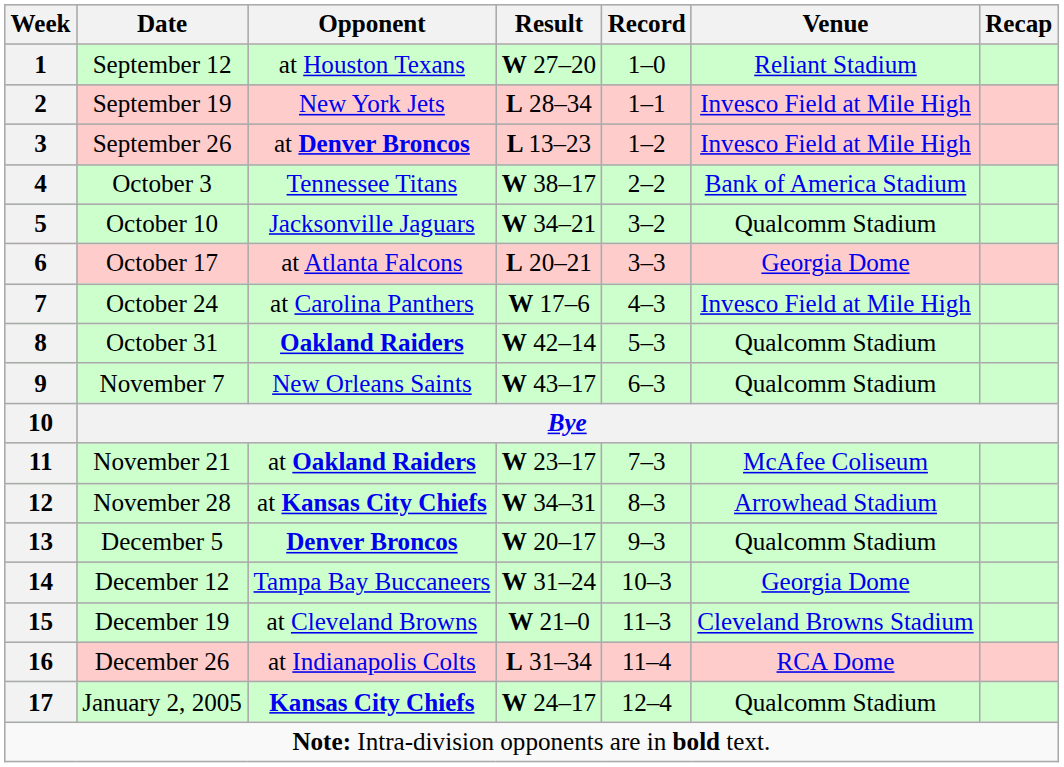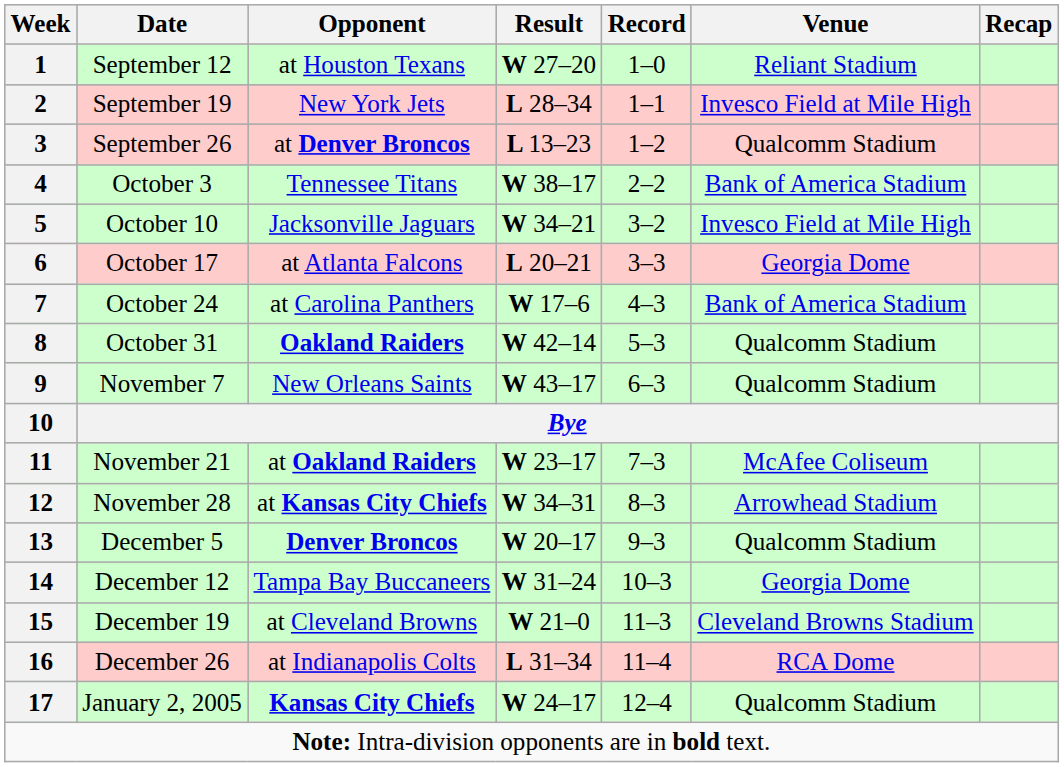 <table class="wikitable" style="text-align:center;">
 <tr>
 <th>Week</th>
 <th>Date</th>
 <th>Opponent</th>
 <th>Result</th>
 <th>Record</th>
 <th>Venue</th>
 <th>Recap</th>
 </tr>
 <tr style="background: #cfc;">
 <th>1</th>
 <td>September 12</td>
 <td>at <a href='#'>Houston Texans</a></td>
 <td><strong>W</strong> 27–20</td>
 <td>1–0</td>
 <td><a href='#'>Reliant Stadium</a></td>
 <td></td>
 </tr>
 <tr style="background: #fcc;">
 <th>2</th>
 <td>September 19</td>
 <td><a href='#'>New York Jets</a></td>
 <td><strong>L</strong> 28–34</td>
 <td>1–1</td>
 <td><a href='#'>Invesco Field at Mile High</a></td>
 <td></td>
 </tr>
 <tr style="background: #fcc;">
 <th>3</th>
 <td>September 26</td>
 <td>at <strong><a href='#'>Denver Broncos</a></strong></td>
 <td><strong>L </strong> 13–23</td>
 <td>1–2</td>
-<td><a href='#'>Invesco Field at Mile High</a></td>
+<td>Qualcomm Stadium</td>
 <td></td>
 </tr>
 <tr style="background: #cfc;">
 <th>4</th>
 <td>October 3</td>
 <td><a href='#'>Tennessee Titans</a></td>
 <td><strong>W</strong> 38–17</td>
 <td>2–2</td>
 <td><a href='#'>Bank of America Stadium</a></td>
 <td></td>
 </tr>
 <tr style="background: #cfc;">
 <th>5</th>
 <td>October 10</td>
 <td><a href='#'>Jacksonville Jaguars</a></td>
 <td><strong>W</strong> 34–21</td>
 <td>3–2</td>
-<td>Qualcomm Stadium</td>
+<td><a href='#'>Invesco Field at Mile High</a></td>
 <td></td>
 </tr>
 <tr style="background: #fcc;">
 <th>6</th>
 <td>October 17</td>
 <td>at <a href='#'>Atlanta Falcons</a></td>
 <td><strong>L</strong> 20–21</td>
 <td>3–3</td>
 <td><a href='#'>Georgia Dome</a></td>
 <td></td>
 </tr>
 <tr style="background: #cfc;">
 <th>7</th>
 <td>October 24</td>
 <td>at <a href='#'>Carolina Panthers</a></td>
 <td><strong>W</strong> 17–6</td>
 <td>4–3</td>
-<td><a href='#'>Invesco Field at Mile High</a></td>
+<td><a href='#'>Bank of America Stadium</a></td>
 <td></td>
 </tr>
 <tr style="background: #cfc;">
 <th>8</th>
 <td>October 31</td>
 <td><strong><a href='#'>Oakland Raiders</a></strong></td>
 <td><strong>W</strong> 42–14</td>
 <td>5–3</td>
 <td>Qualcomm Stadium</td>
 <td></td>
 </tr>
 <tr style="background: #cfc;">
 <th>9</th>
 <td>November 7</td>
 <td><a href='#'>New Orleans Saints</a></td>
 <td><strong>W</strong> 43–17</td>
 <td>6–3</td>
 <td>Qualcomm Stadium</td>
 <td></td>
 </tr>
 <tr>
 <th>10</th>
 <th colspan="6"><em><a href='#'>Bye</a></em></th>
 </tr>
 <tr style="background: #cfc;">
 <th>11</th>
 <td>November 21</td>
 <td>at <strong><a href='#'>Oakland Raiders</a></strong></td>
 <td><strong>W</strong> 23–17</td>
 <td>7–3</td>
 <td><a href='#'>McAfee Coliseum</a></td>
 <td></td>
 </tr>
 <tr style="background: #cfc;">
 <th>12</th>
 <td>November 28</td>
 <td>at <strong><a href='#'>Kansas City Chiefs</a></strong></td>
 <td><strong>W</strong> 34–31</td>
 <td>8–3</td>
 <td><a href='#'>Arrowhead Stadium</a></td>
 <td></td>
 </tr>
 <tr style="background: #cfc;">
 <th>13</th>
 <td>December 5</td>
 <td><strong><a href='#'>Denver Broncos</a></strong></td>
 <td><strong>W</strong> 20–17</td>
 <td>9–3</td>
 <td>Qualcomm Stadium</td>
 <td></td>
 </tr>
 <tr style="background: #cfc;">
 <th>14</th>
 <td>December 12</td>
 <td><a href='#'>Tampa Bay Buccaneers</a></td>
 <td><strong>W</strong> 31–24</td>
 <td>10–3</td>
 <td><a href='#'>Georgia Dome</a></td>
 <td></td>
 </tr>
 <tr style="background: #cfc;">
 <th>15</th>
 <td>December 19</td>
 <td>at <a href='#'>Cleveland Browns</a></td>
 <td><strong>W</strong> 21–0</td>
 <td>11–3</td>
 <td><a href='#'>Cleveland Browns Stadium</a></td>
 <td></td>
 </tr>
 <tr style="background: #fcc;">
 <th>16</th>
 <td>December 26</td>
 <td>at <a href='#'>Indianapolis Colts</a></td>
 <td><strong>L</strong> 31–34 </td>
 <td>11–4</td>
 <td><a href='#'>RCA Dome</a></td>
 <td></td>
 </tr>
 <tr style="background: #cfc;">
 <th>17</th>
 <td>January 2, 2005</td>
 <td><strong><a href='#'>Kansas City Chiefs</a></strong></td>
 <td><strong>W</strong> 24–17</td>
 <td>12–4</td>
 <td>Qualcomm Stadium</td>
 <td></td>
 </tr>
 <tr>
 <td colspan="7"><strong>Note:</strong> Intra-division opponents are in <strong>bold</strong> text.</td>
 </tr>
 </table>
